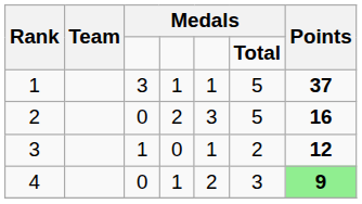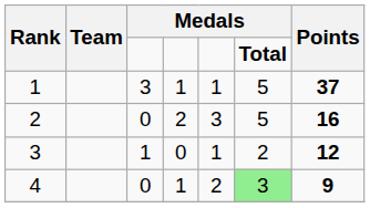 <table class="wikitable">
 <tr>
 <th rowspan=2>Rank</th>
 <th rowspan=2>Team</th>
 <th colspan=4>Medals</th>
 <th rowspan=2>Points</th>
 </tr>
 <tr>
 <td width=20px align=center></td>
 <td width=20px align=center></td>
 <td width=20px align=center></td>
 <td align=center><strong>Total</strong></td>
 </tr>
 <tr>
 <td align=center>1</td>
 <td></td>
 <td align=center>3</td>
 <td align=center>1</td>
 <td align=center>1</td>
 <td align=center>5</td>
 <td align=center><strong>37</strong></td>
 </tr>
 <tr>
 <td align=center>2</td>
 <td></td>
 <td align=center>0</td>
 <td align=center>2</td>
 <td align=center>3</td>
 <td align=center>5</td>
 <td align=center><strong>16</strong></td>
 </tr>
 <tr>
 <td align=center>3</td>
 <td></td>
 <td align=center>1</td>
 <td align=center>0</td>
 <td align=center>1</td>
 <td align=center>2</td>
 <td align=center><strong>12</strong></td>
 </tr>
 <tr>
 <td align=center>4</td>
 <td></td>
 <td align=center>0</td>
 <td align=center>1</td>
 <td align=center>2</td>
-<td align=center>3</td>
-<td align=center style="background: lightgreen;"><strong>9</strong></td>
+<td align=center style="background: lightgreen;">3</td>
+<td align=center><strong>9</strong></td>
 </tr>
 <tr>
 </tr>
 </table>
